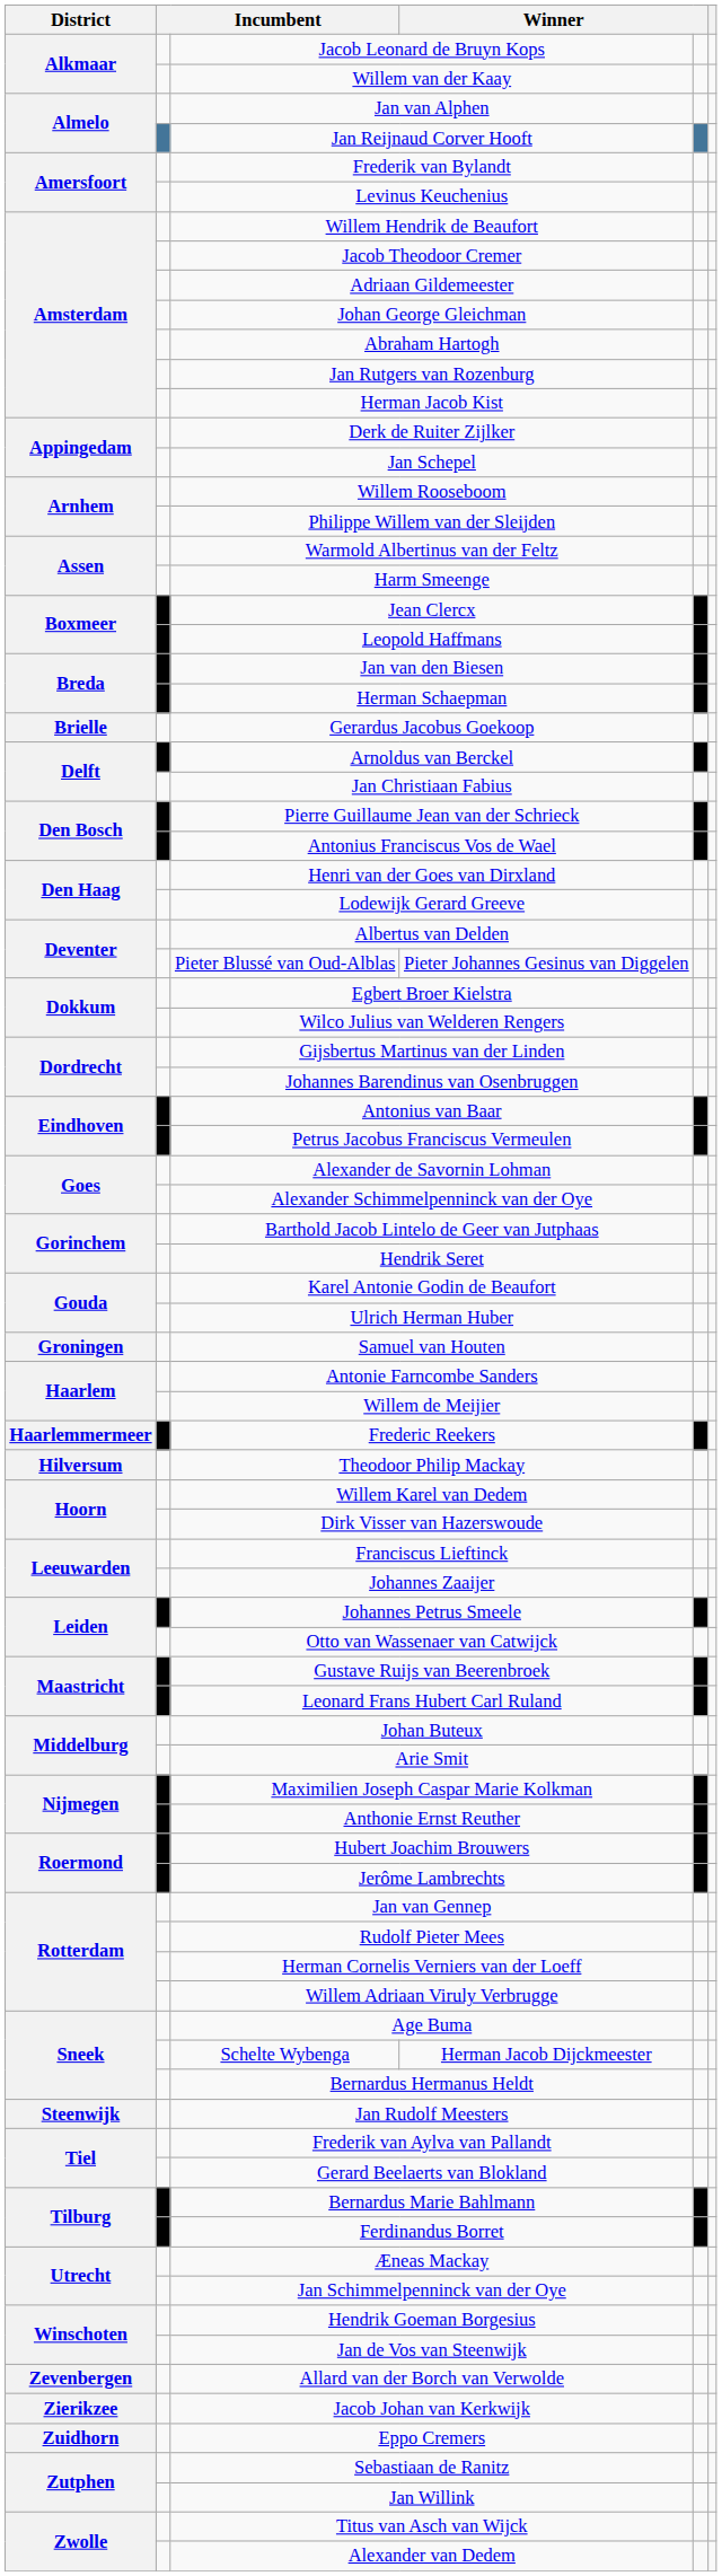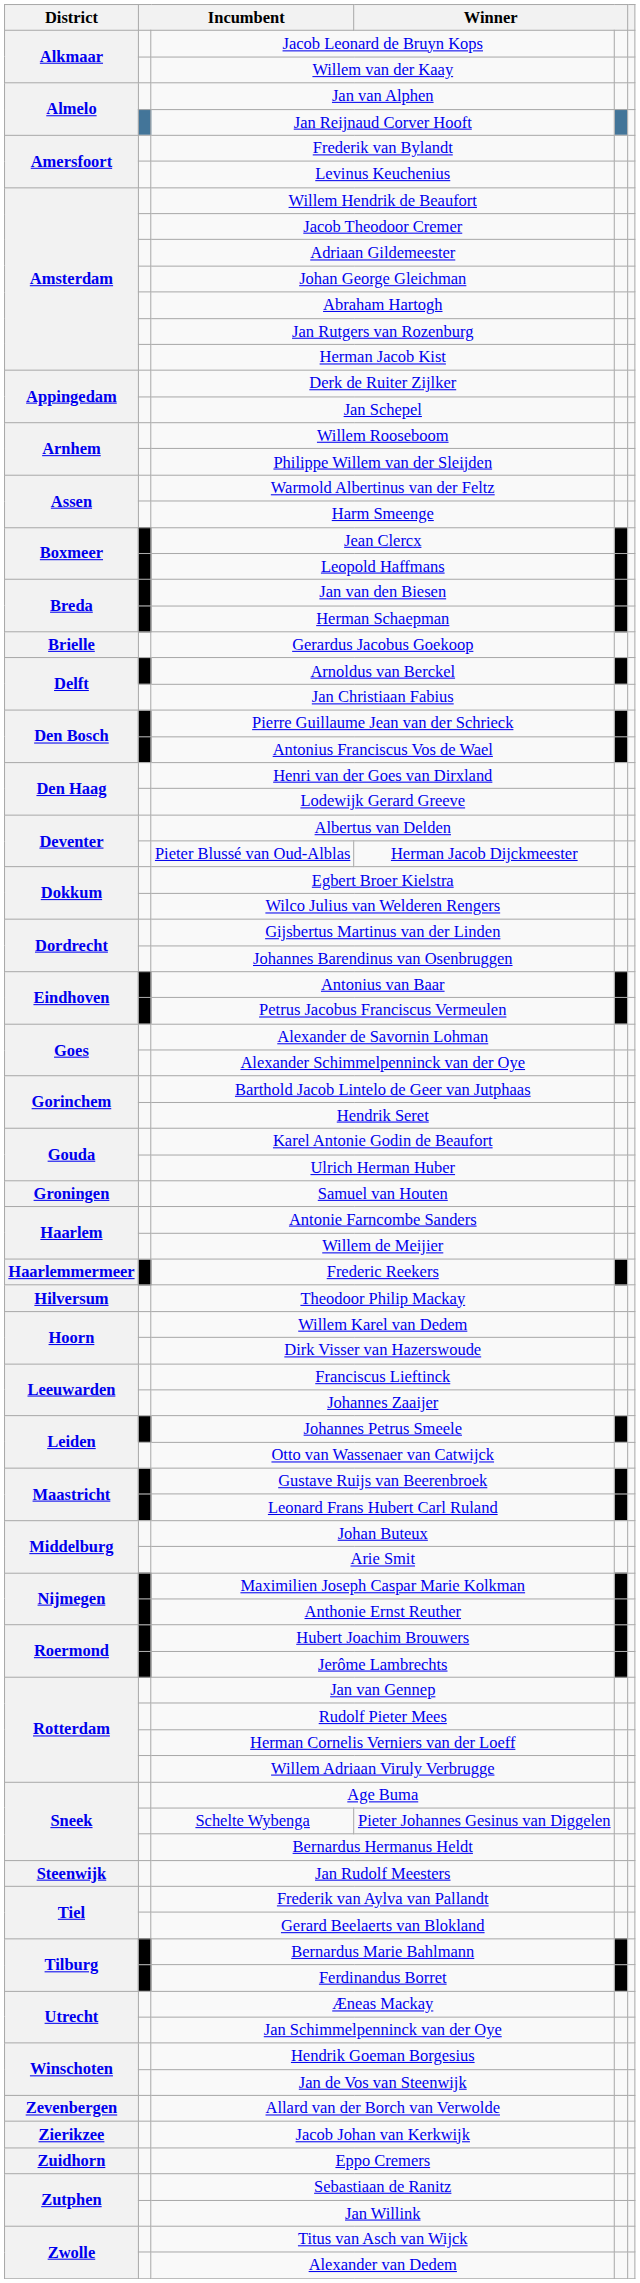 <table class="wikitable">
 <tr style="text-align:center;">
 <th>District</th>
 <th colspan=2>Incumbent</th>
 <th colspan=2>Winner</th>
 <th></th>
 </tr>
 <tr>
 <th rowspan=2><a href='#'>Alkmaar</a></th>
 <td style="width:5px; background:"></td>
 <td colspan=2 style="text-align:center"><a href='#'>Jacob Leonard de Bruyn Kops</a></td>
 <td style="width:5px; background:"></td>
 <td></td>
 </tr>
 <tr>
 <td style="width:5px; background:"></td>
 <td colspan=2 style="text-align:center"><a href='#'>Willem van der Kaay</a></td>
 <td style="width:5px; background:"></td>
 <td></td>
 </tr>
 <tr>
 <th rowspan=2><a href='#'>Almelo</a></th>
 <td style="width:5px; background:"></td>
 <td colspan=2 style="text-align:center"><a href='#'>Jan van Alphen</a></td>
 <td style="width:5px; background:"></td>
 <td></td>
 </tr>
 <tr>
 <td style="width:5px; background:#437599"></td>
 <td colspan=2 style="text-align:center"><a href='#'>Jan Reijnaud Corver Hooft</a></td>
 <td style="width:5px; background:#437599"></td>
 <td></td>
 </tr>
 <tr>
 <th rowspan=2><a href='#'>Amersfoort</a></th>
 <td style="width:5px; background:"></td>
 <td colspan=2 style="text-align:center"><a href='#'>Frederik van Bylandt</a></td>
 <td style="width:5px; background:"></td>
 <td></td>
 </tr>
 <tr>
 <td style="width:5px; background:"></td>
 <td colspan=2 style="text-align:center"><a href='#'>Levinus Keuchenius</a></td>
 <td style="width:5px; background:"></td>
 <td></td>
 </tr>
 <tr>
 <th rowspan=7><a href='#'>Amsterdam</a></th>
 <td style="width:5px; background:"></td>
 <td colspan=2 style="text-align:center"><a href='#'>Willem Hendrik de Beaufort</a></td>
 <td style="width:5px; background:"></td>
 <td></td>
 </tr>
 <tr>
 <td style="width:5px; background:"></td>
 <td colspan=2 style="text-align:center"><a href='#'>Jacob Theodoor Cremer</a></td>
 <td style="width:5px; background:"></td>
 <td></td>
 </tr>
 <tr>
 <td style="width:5px; background:"></td>
 <td colspan=2 style="text-align:center"><a href='#'>Adriaan Gildemeester</a></td>
 <td style="width:5px; background:"></td>
 <td></td>
 </tr>
 <tr>
 <td style="width:5px; background:"></td>
 <td colspan=2 style="text-align:center"><a href='#'>Johan George Gleichman</a></td>
 <td style="width:5px; background:"></td>
 <td></td>
 </tr>
 <tr>
 <td style="width:5px; background:"></td>
 <td colspan=2 style="text-align:center"><a href='#'>Abraham Hartogh</a></td>
 <td style="width:5px; background:"></td>
 <td></td>
 </tr>
 <tr>
 <td style="width:5px; background:"></td>
 <td colspan=2 style="text-align:center"><a href='#'>Jan Rutgers van Rozenburg</a></td>
 <td style="width:5px; background:"></td>
 <td></td>
 </tr>
 <tr>
 <td style="width:5px; background:"></td>
 <td colspan=2 style="text-align:center"><a href='#'>Herman Jacob Kist</a></td>
 <td style="width:5px; background:"></td>
 <td></td>
 </tr>
 <tr>
 <th rowspan=2><a href='#'>Appingedam</a></th>
 <td style="width:5px; background:"></td>
 <td colspan=2 style="text-align:center"><a href='#'>Derk de Ruiter Zijlker</a></td>
 <td style="width:5px; background:"></td>
 <td></td>
 </tr>
 <tr>
 <td style="width:5px; background:"></td>
 <td colspan=2 style="text-align:center"><a href='#'>Jan Schepel</a></td>
 <td style="width:5px; background:"></td>
 <td></td>
 </tr>
 <tr>
 <th rowspan=2><a href='#'>Arnhem</a></th>
 <td style="width:5px; background:"></td>
 <td colspan=2 style="text-align:center"><a href='#'>Willem Rooseboom</a></td>
 <td style="width:5px; background:"></td>
 <td></td>
 </tr>
 <tr>
 <td style="width:5px; background:"></td>
 <td colspan=2 style="text-align:center"><a href='#'>Philippe Willem van der Sleijden</a></td>
 <td style="width:5px; background:"></td>
 <td></td>
 </tr>
 <tr>
 <th rowspan=2><a href='#'>Assen</a></th>
 <td style="width:5px; background:"></td>
 <td colspan=2 style="text-align:center"><a href='#'>Warmold Albertinus van der Feltz</a></td>
 <td style="width:5px; background:"></td>
 <td></td>
 </tr>
 <tr>
 <td style="width:5px; background:"></td>
 <td colspan=2 style="text-align:center"><a href='#'>Harm Smeenge</a></td>
 <td style="width:5px; background:"></td>
 <td></td>
 </tr>
 <tr>
 <th rowspan=2><a href='#'>Boxmeer</a></th>
 <td style="width:5px; background:black"></td>
 <td colspan=2 style="text-align:center"><a href='#'>Jean Clercx</a></td>
 <td style="width:5px; background:black"></td>
 <td></td>
 </tr>
 <tr>
 <td style="width:5px; background:black"></td>
 <td colspan=2 style="text-align:center"><a href='#'>Leopold Haffmans</a></td>
 <td style="width:5px; background:black"></td>
 <td></td>
 </tr>
 <tr>
 <th rowspan=2><a href='#'>Breda</a></th>
 <td style="width:5px; background:black"></td>
 <td colspan=2 style="text-align:center"><a href='#'>Jan van den Biesen</a></td>
 <td style="width:5px; background:black"></td>
 <td></td>
 </tr>
 <tr>
 <td style="width:5px; background:black"></td>
 <td colspan=2 style="text-align:center"><a href='#'>Herman Schaepman</a></td>
 <td style="width:5px; background:black"></td>
 <td></td>
 </tr>
 <tr>
 <th><a href='#'>Brielle</a></th>
 <td style="width:5px; background:"></td>
 <td colspan=2 style="text-align:center"><a href='#'>Gerardus Jacobus Goekoop</a></td>
 <td style="width:5px; background:"></td>
 <td></td>
 </tr>
 <tr>
 <th rowspan=2><a href='#'>Delft</a></th>
 <td style="width:5px; background:black"></td>
 <td colspan=2 style="text-align:center"><a href='#'>Arnoldus van Berckel</a></td>
 <td style="width:5px; background:black"></td>
 <td></td>
 </tr>
 <tr>
 <td style="width:5px; background:"></td>
 <td colspan=2 style="text-align:center"><a href='#'>Jan Christiaan Fabius</a></td>
 <td style="width:5px; background:"></td>
 <td></td>
 </tr>
 <tr>
 <th rowspan=2><a href='#'>Den Bosch</a></th>
 <td style="width:5px; background:black"></td>
 <td colspan=2 style="text-align:center"><a href='#'>Pierre Guillaume Jean van der Schrieck</a></td>
 <td style="width:5px; background:black"></td>
 <td></td>
 </tr>
 <tr>
 <td style="width:5px; background:black"></td>
 <td colspan=2 style="text-align:center"><a href='#'>Antonius Franciscus Vos de Wael</a></td>
 <td style="width:5px; background:black"></td>
 <td></td>
 </tr>
 <tr>
 <th rowspan=2><a href='#'>Den Haag</a></th>
 <td style="width:5px; background:"></td>
 <td colspan=2 style="text-align:center"><a href='#'>Henri van der Goes van Dirxland</a></td>
 <td style="width:5px; background:"></td>
 <td></td>
 </tr>
 <tr>
 <td style="width:5px; background:"></td>
 <td colspan=2 style="text-align:center"><a href='#'>Lodewijk Gerard Greeve</a></td>
 <td style="width:5px; background:"></td>
 <td></td>
 </tr>
 <tr>
 <th rowspan=2><a href='#'>Deventer</a></th>
 <td style="width:5px; background:"></td>
 <td colspan=2 style="text-align:center"><a href='#'>Albertus van Delden</a></td>
 <td style="width:5px; background:"></td>
 <td></td>
 </tr>
 <tr>
 <td style="width:5px; background:"></td>
 <td style="text-align:center"><a href='#'>Pieter Blussé van Oud-Alblas</a></td>
-<td style="text-align:center"><a href='#'>Pieter Johannes Gesinus van Diggelen</a></td>
+<td style="text-align:center"><a href='#'>Herman Jacob Dijckmeester</a></td>
 <td style="width:5px; background:"></td>
 <td></td>
 </tr>
 <tr>
 <th rowspan=2><a href='#'>Dokkum</a></th>
 <td style="width:5px; background:"></td>
 <td colspan=2 style="text-align:center"><a href='#'>Egbert Broer Kielstra</a></td>
 <td style="width:5px; background:"></td>
 <td></td>
 </tr>
 <tr>
 <td style="width:5px; background:"></td>
 <td colspan=2 style="text-align:center"><a href='#'>Wilco Julius van Welderen Rengers</a></td>
 <td style="width:5px; background:"></td>
 <td></td>
 </tr>
 <tr>
 <th rowspan=2><a href='#'>Dordrecht</a></th>
 <td style="width:5px; background:"></td>
 <td colspan=2 style="text-align:center"><a href='#'>Gijsbertus Martinus van der Linden</a></td>
 <td style="width:5px; background:"></td>
 <td></td>
 </tr>
 <tr>
 <td style="width:5px; background:"></td>
 <td colspan=2 style="text-align:center"><a href='#'>Johannes Barendinus van Osenbruggen</a></td>
 <td style="width:5px; background:"></td>
 <td></td>
 </tr>
 <tr>
 <th rowspan=2><a href='#'>Eindhoven</a></th>
 <td style="width:5px; background:black"></td>
 <td colspan=2 style="text-align:center"><a href='#'>Antonius van Baar</a></td>
 <td style="width:5px; background:black"></td>
 <td></td>
 </tr>
 <tr>
 <td style="width:5px; background:black"></td>
 <td colspan=2 style="text-align:center"><a href='#'>Petrus Jacobus Franciscus Vermeulen</a></td>
 <td style="width:5px; background:black"></td>
 <td></td>
 </tr>
 <tr>
 <th rowspan=2><a href='#'>Goes</a></th>
 <td style="width:5px; background:"></td>
 <td colspan=2 style="text-align:center"><a href='#'>Alexander de Savornin Lohman</a></td>
 <td style="width:5px; background:"></td>
 <td></td>
 </tr>
 <tr>
 <td style="width:5px; background:"></td>
 <td colspan=2 style="text-align:center"><a href='#'>Alexander Schimmelpenninck van der Oye</a></td>
 <td style="width:5px; background:"></td>
 <td></td>
 </tr>
 <tr>
 <th rowspan=2><a href='#'>Gorinchem</a></th>
 <td style="width:5px; background:"></td>
 <td colspan=2 style="text-align:center"><a href='#'>Barthold Jacob Lintelo de Geer van Jutphaas</a></td>
 <td style="width:5px; background:"></td>
 <td></td>
 </tr>
 <tr>
 <td style="width:5px; background:"></td>
 <td colspan=2 style="text-align:center"><a href='#'>Hendrik Seret</a></td>
 <td style="width:5px; background:"></td>
 <td></td>
 </tr>
 <tr>
 <th rowspan=2><a href='#'>Gouda</a></th>
 <td style="width:5px; background:"></td>
 <td colspan=2 style="text-align:center"><a href='#'>Karel Antonie Godin de Beaufort</a></td>
 <td style="width:5px; background:"></td>
 <td></td>
 </tr>
 <tr>
 <td style="width:5px; background:"></td>
 <td colspan=2 style="text-align:center"><a href='#'>Ulrich Herman Huber</a></td>
 <td style="width:5px; background:"></td>
 <td></td>
 </tr>
 <tr>
 <th><a href='#'>Groningen</a></th>
 <td style="width:5px; background:"></td>
 <td colspan=2 style="text-align:center"><a href='#'>Samuel van Houten</a></td>
 <td style="width:5px; background:"></td>
 <td></td>
 </tr>
 <tr>
 <th rowspan=2><a href='#'>Haarlem</a></th>
 <td style="width:5px; background:"></td>
 <td colspan=2 style="text-align:center"><a href='#'>Antonie Farncombe Sanders</a></td>
 <td style="width:5px; background:"></td>
 <td></td>
 </tr>
 <tr>
 <td style="width:5px; background:"></td>
 <td colspan=2 style="text-align:center"><a href='#'>Willem de Meijier</a></td>
 <td style="width:5px; background:"></td>
 <td></td>
 </tr>
 <tr>
 <th><a href='#'>Haarlemmermeer</a></th>
 <td style="width:5px; background:black"></td>
 <td colspan=2 style="text-align:center"><a href='#'>Frederic Reekers</a></td>
 <td style="width:5px; background:black"></td>
 <td></td>
 </tr>
 <tr>
 <th><a href='#'>Hilversum</a></th>
 <td style="width:5px; background:"></td>
 <td colspan=2 style="text-align:center"><a href='#'>Theodoor Philip Mackay</a></td>
 <td style="width:5px; background:"></td>
 <td></td>
 </tr>
 <tr>
 <th rowspan=2><a href='#'>Hoorn</a></th>
 <td style="width:5px; background:"></td>
 <td colspan=2 style="text-align:center"><a href='#'>Willem Karel van Dedem</a></td>
 <td style="width:5px; background:"></td>
 <td></td>
 </tr>
 <tr>
 <td style="width:5px; background:"></td>
 <td colspan=2 style="text-align:center"><a href='#'>Dirk Visser van Hazerswoude</a></td>
 <td style="width:5px; background:"></td>
 <td></td>
 </tr>
 <tr>
 <th rowspan=2><a href='#'>Leeuwarden</a></th>
 <td style="width:5px; background:"></td>
 <td colspan=2 style="text-align:center"><a href='#'>Franciscus Lieftinck</a></td>
 <td style="width:5px; background:"></td>
 <td></td>
 </tr>
 <tr>
 <td style="width:5px; background:"></td>
 <td colspan=2 style="text-align:center"><a href='#'>Johannes Zaaijer</a></td>
 <td style="width:5px; background:"></td>
 <td></td>
 </tr>
 <tr>
 <th rowspan=2><a href='#'>Leiden</a></th>
 <td style="width:5px; background:black"></td>
 <td colspan=2 style="text-align:center"><a href='#'>Johannes Petrus Smeele</a></td>
 <td style="width:5px; background:black"></td>
 <td></td>
 </tr>
 <tr>
 <td style="width:5px; background:"></td>
 <td colspan=2 style="text-align:center"><a href='#'>Otto van Wassenaer van Catwijck</a></td>
 <td style="width:5px; background:"></td>
 <td></td>
 </tr>
 <tr>
 <th rowspan=2><a href='#'>Maastricht</a></th>
 <td style="width:5px; background:black"></td>
 <td colspan=2 style="text-align:center"><a href='#'>Gustave Ruijs van Beerenbroek</a></td>
 <td style="width:5px; background:black"></td>
 <td></td>
 </tr>
 <tr>
 <td style="width:5px; background:black"></td>
 <td colspan=2 style="text-align:center"><a href='#'>Leonard Frans Hubert Carl Ruland</a></td>
 <td style="width:5px; background:black"></td>
 <td></td>
 </tr>
 <tr>
 <th rowspan=2><a href='#'>Middelburg</a></th>
 <td style="width:5px; background:"></td>
 <td colspan=2 style="text-align:center"><a href='#'>Johan Buteux</a></td>
 <td style="width:5px; background:"></td>
 <td></td>
 </tr>
 <tr>
 <td style="width:5px; background:"></td>
 <td colspan=2 style="text-align:center"><a href='#'>Arie Smit</a></td>
 <td style="width:5px; background:"></td>
 <td></td>
 </tr>
 <tr>
 <th rowspan=2><a href='#'>Nijmegen</a></th>
 <td style="width:5px; background:black"></td>
 <td colspan=2 style="text-align:center"><a href='#'>Maximilien Joseph Caspar Marie Kolkman</a></td>
 <td style="width:5px; background:black"></td>
 <td></td>
 </tr>
 <tr>
 <td style="width:5px; background:black"></td>
 <td colspan=2 style="text-align:center"><a href='#'>Anthonie Ernst Reuther</a></td>
 <td style="width:5px; background:black"></td>
 <td></td>
 </tr>
 <tr>
 <th rowspan=2><a href='#'>Roermond</a></th>
 <td style="width:5px; background:black"></td>
 <td colspan=2 style="text-align:center"><a href='#'>Hubert Joachim Brouwers</a></td>
 <td style="width:5px; background:black"></td>
 <td></td>
 </tr>
 <tr>
 <td style="width:5px; background:black"></td>
 <td colspan=2 style="text-align:center"><a href='#'>Jerôme Lambrechts</a></td>
 <td style="width:5px; background:black"></td>
 <td></td>
 </tr>
 <tr>
 <th rowspan=4><a href='#'>Rotterdam</a></th>
 <td style="width:5px; background:"></td>
 <td colspan=2 style="text-align:center"><a href='#'>Jan van Gennep</a></td>
 <td style="width:5px; background:"></td>
 <td></td>
 </tr>
 <tr>
 <td style="width:5px; background:"></td>
 <td colspan=2 style="text-align:center"><a href='#'>Rudolf Pieter Mees</a></td>
 <td style="width:5px; background:"></td>
 <td></td>
 </tr>
 <tr>
 <td style="width:5px; background:"></td>
 <td colspan=2 style="text-align:center"><a href='#'>Herman Cornelis Verniers van der Loeff</a></td>
 <td style="width:5px; background:"></td>
 <td></td>
 </tr>
 <tr>
 <td style="width:5px; background:"></td>
 <td colspan=2 style="text-align:center"><a href='#'>Willem Adriaan Viruly Verbrugge</a></td>
 <td style="width:5px; background:"></td>
 <td></td>
 </tr>
 <tr>
 <th rowspan=3><a href='#'>Sneek</a></th>
 <td style="width:5px; background:"></td>
 <td colspan=2 style="text-align:center"><a href='#'>Age Buma</a></td>
 <td style="width:5px; background:"></td>
 <td></td>
 </tr>
 <tr>
 <td style="width:5px; background:"></td>
 <td style="text-align:center"><a href='#'>Schelte Wybenga</a></td>
-<td style="text-align:center"><a href='#'>Herman Jacob Dijckmeester</a></td>
+<td style="text-align:center"><a href='#'>Pieter Johannes Gesinus van Diggelen</a></td>
 <td style="width:5px; background:"></td>
 <td></td>
 </tr>
 <tr>
 <td style="width:5px; background:"></td>
 <td colspan=2 style="text-align:center"><a href='#'>Bernardus Hermanus Heldt</a></td>
 <td style="width:5px; background:"></td>
 <td></td>
 </tr>
 <tr>
 <th><a href='#'>Steenwijk</a></th>
 <td style="width:5px; background:"></td>
 <td colspan=2 style="text-align:center"><a href='#'>Jan Rudolf Meesters</a></td>
 <td style="width:5px; background:"></td>
 <td></td>
 </tr>
 <tr>
 <th rowspan=2><a href='#'>Tiel</a></th>
 <td style="width:5px; background:"></td>
 <td colspan=2 style="text-align:center"><a href='#'>Frederik van Aylva van Pallandt</a></td>
 <td style="width:5px; background:"></td>
 <td></td>
 </tr>
 <tr>
 <td style="width:5px; background:"></td>
 <td colspan=2 style="text-align:center"><a href='#'>Gerard Beelaerts van Blokland</a></td>
 <td style="width:5px; background:"></td>
 <td></td>
 </tr>
 <tr>
 <th rowspan=2><a href='#'>Tilburg</a></th>
 <td style="width:5px; background:black"></td>
 <td colspan=2 style="text-align:center"><a href='#'>Bernardus Marie Bahlmann</a></td>
 <td style="width:5px; background:black"></td>
 <td></td>
 </tr>
 <tr>
 <td style="width:5px; background:black"></td>
 <td colspan=2 style="text-align:center"><a href='#'>Ferdinandus Borret</a></td>
 <td style="width:5px; background:black"></td>
 <td></td>
 </tr>
 <tr>
 <th rowspan=2><a href='#'>Utrecht</a></th>
 <td style="width:5px; background:"></td>
 <td colspan=2 style="text-align:center"><a href='#'>Æneas Mackay</a></td>
 <td style="width:5px; background:"></td>
 <td></td>
 </tr>
 <tr>
 <td style="width:5px; background:"></td>
 <td colspan=2 style="text-align:center"><a href='#'>Jan Schimmelpenninck van der Oye</a></td>
 <td style="width:5px; background:"></td>
 <td></td>
 </tr>
 <tr>
 <th rowspan=2><a href='#'>Winschoten</a></th>
 <td style="width:5px; background:"></td>
 <td colspan=2 style="text-align:center"><a href='#'>Hendrik Goeman Borgesius</a></td>
 <td style="width:5px; background:"></td>
 <td></td>
 </tr>
 <tr>
 <td style="width:5px; background:"></td>
 <td colspan=2 style="text-align:center"><a href='#'>Jan de Vos van Steenwijk</a></td>
 <td style="width:5px; background:"></td>
 <td></td>
 </tr>
 <tr>
 <th><a href='#'>Zevenbergen</a></th>
 <td style="width:5px; background:"></td>
 <td colspan=2 style="text-align:center"><a href='#'>Allard van der Borch van Verwolde</a></td>
 <td style="width:5px; background:"></td>
 <td></td>
 </tr>
 <tr>
 <th><a href='#'>Zierikzee</a></th>
 <td style="width:5px; background:"></td>
 <td colspan=2 style="text-align:center"><a href='#'>Jacob Johan van Kerkwijk</a></td>
 <td style="width:5px; background:"></td>
 <td></td>
 </tr>
 <tr>
 <th><a href='#'>Zuidhorn</a></th>
 <td style="width:5px; background:"></td>
 <td colspan=2 style="text-align:center"><a href='#'>Eppo Cremers</a></td>
 <td style="width:5px; background:"></td>
 <td></td>
 </tr>
 <tr>
 <th rowspan=2><a href='#'>Zutphen</a></th>
 <td style="width:5px; background:"></td>
 <td colspan=2 style="text-align:center"><a href='#'>Sebastiaan de Ranitz</a></td>
 <td style="width:5px; background:"></td>
 <td></td>
 </tr>
 <tr>
 <td style="width:5px; background:"></td>
 <td colspan=2 style="text-align:center"><a href='#'>Jan Willink</a></td>
 <td style="width:5px; background:"></td>
 <td></td>
 </tr>
 <tr>
 <th rowspan=2><a href='#'>Zwolle</a></th>
 <td style="width:5px; background:"></td>
 <td colspan=2 style="text-align:center"><a href='#'>Titus van Asch van Wijck</a></td>
 <td style="width:5px; background:"></td>
 <td></td>
 </tr>
 <tr>
 <td style="width:5px; background:"></td>
 <td colspan=2 style="text-align:center"><a href='#'>Alexander van Dedem</a></td>
 <td style="width:5px; background:"></td>
 <td></td>
 </tr>
 </table>
